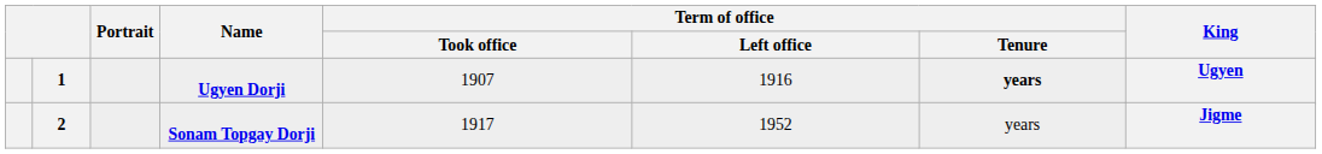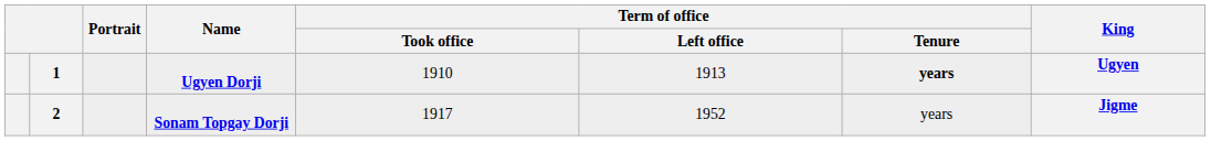 <table class="wikitable" style="text-align:center; border:1px #aaf solid; width:100%;">
 <tr>
 <th rowspan="2" colspan="2"></th>
 <th rowspan="2" style="width:60px;">Portrait</th>
 <th rowspan="2" style="width:150px;">Name<br></th>
 <th colspan="3">Term of office</th>
 <th rowspan="2"><a href='#'>King</a><br></th>
 </tr>
 <tr>
 <th>Took office</th>
 <th>Left office</th>
 <th>Tenure</th>
 </tr>
 <tr style="background:#EEEEEE">
 <th style="background:"></th>
 <th>1</th>
 <td></td>
 <td><br><strong><a href='#'>Ugyen Dorji</a></strong><br></td>
-<td>1907</td>
-<td>1916<br></td>
+<td>1910</td>
+<td>1913<br></td>
 <td><strong>  years</strong></td>
 <th rowspan="2" style="font-weight:normal"><strong><a href='#'>Ugyen</a></strong><br><br></th>
 </tr>
 <tr style="background:#EEEEEE">
 <th rowspan=2 style="background:"></th>
 <th rowspan=2>2</th>
 <td rowspan=2></td>
 <td rowspan=2><br><strong><a href='#'>Sonam Topgay Dorji</a></strong><br></td>
 <td rowspan=2>1917</td>
 <td rowspan=2>1952</td>
 <td rowspan=2>  years</td>
 </tr>
 <tr>
 <th rowspan="1" style="font-weight:normal"><strong><a href='#'>Jigme</a></strong><br><br></th>
 </tr>
 </table>
